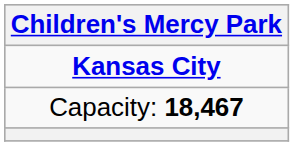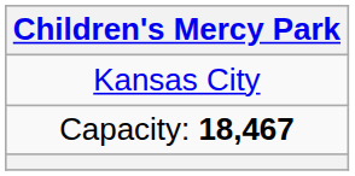 <table class="wikitable" style="text-align:center">
 <tr>
 <th><a href='#'>Children's Mercy Park</a></th>
 </tr>
 <tr>
-<td><strong><a href='#'>Kansas City</a></strong></td>
+<td><a href='#'>Kansas City</a></td>
 </tr>
 <tr>
 <td>Capacity: <strong>18,467 </strong></td>
 </tr>
 <tr>
 <th></th>
 </tr>
 </table>
